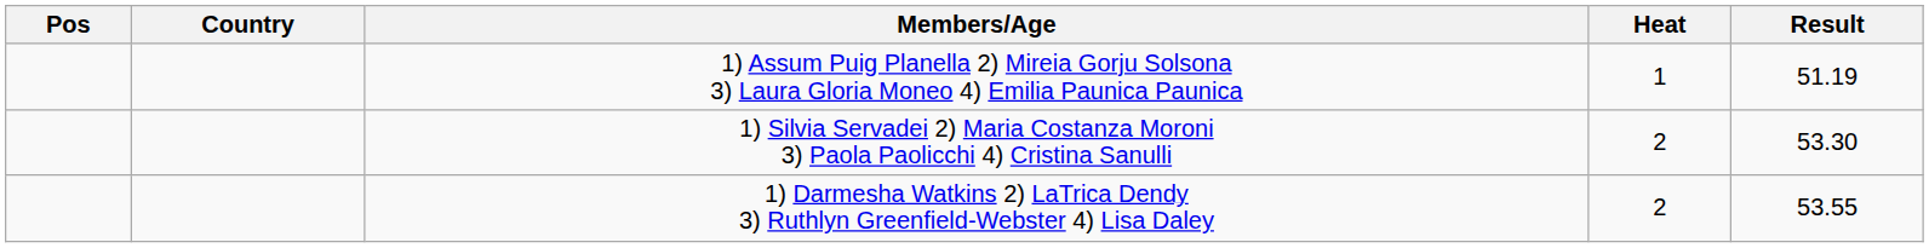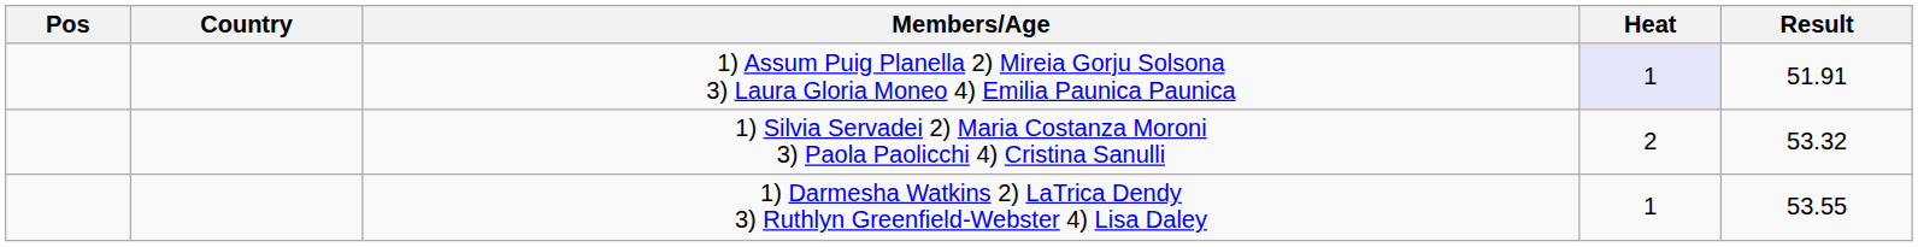 <table class="wikitable"  style="text-align:center; width:80%;">
 <tr>
 <th>Pos</th>
 <th>Country</th>
 <th>Members/Age</th>
 <th>Heat</th>
 <th>Result</th>
 </tr>
 <tr>
 <td align=center></td>
 <td align=left></td>
 <td>1) <a href='#'>Assum Puig Planella</a> 2) <a href='#'>Mireia Gorju Solsona</a><br>3) <a href='#'>Laura Gloria Moneo</a> 4) <a href='#'>Emilia Paunica Paunica</a></td>
-<td>1</td>
-<td>51.19</td>
+<td style="background: lavender;">1</td>
+<td>51.91</td>
 </tr>
 <tr>
 <td align=center></td>
 <td align=left></td>
 <td>1) <a href='#'>Silvia Servadei</a> 2) <a href='#'>Maria Costanza Moroni</a><br>3) <a href='#'>Paola Paolicchi</a> 4) <a href='#'>Cristina Sanulli</a></td>
 <td>2</td>
-<td>53.30</td>
+<td>53.32</td>
 </tr>
 <tr>
 <td align=center></td>
 <td align=left></td>
 <td>1) <a href='#'>Darmesha Watkins</a> 2) <a href='#'>LaTrica Dendy</a><br>3) <a href='#'>Ruthlyn Greenfield-Webster</a> 4) <a href='#'>Lisa Daley</a></td>
-<td>2</td>
+<td>1</td>
 <td>53.55</td>
 </tr>
 </table>
